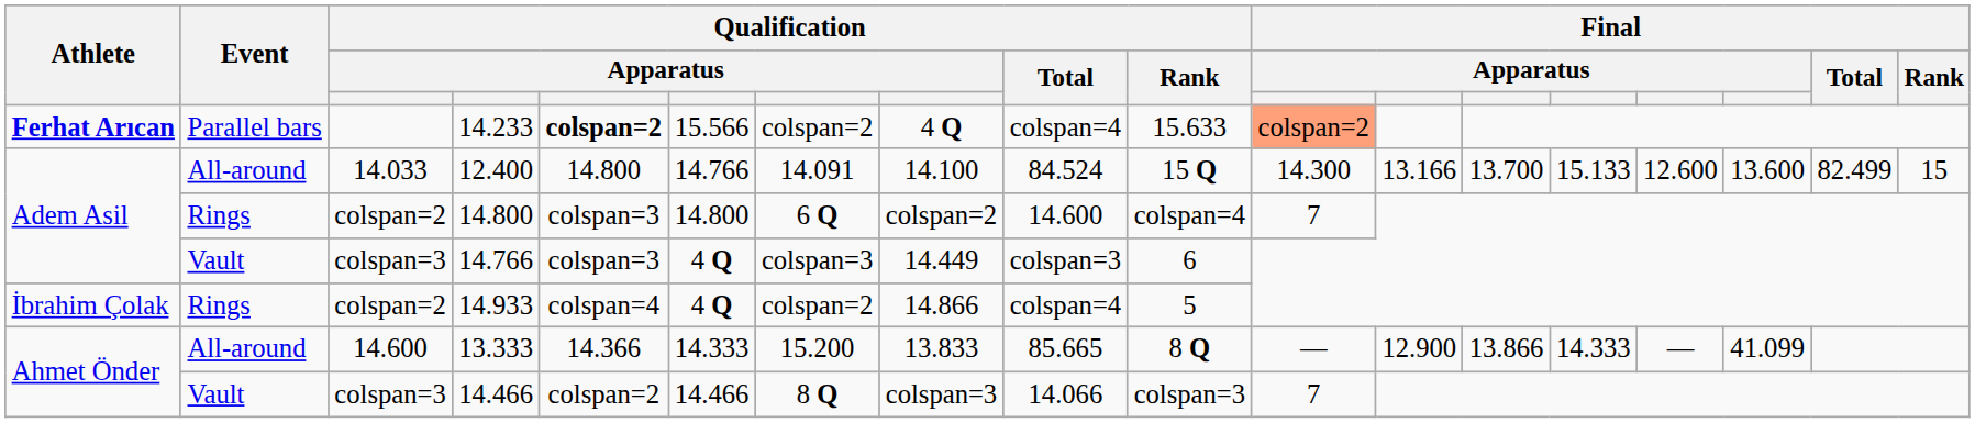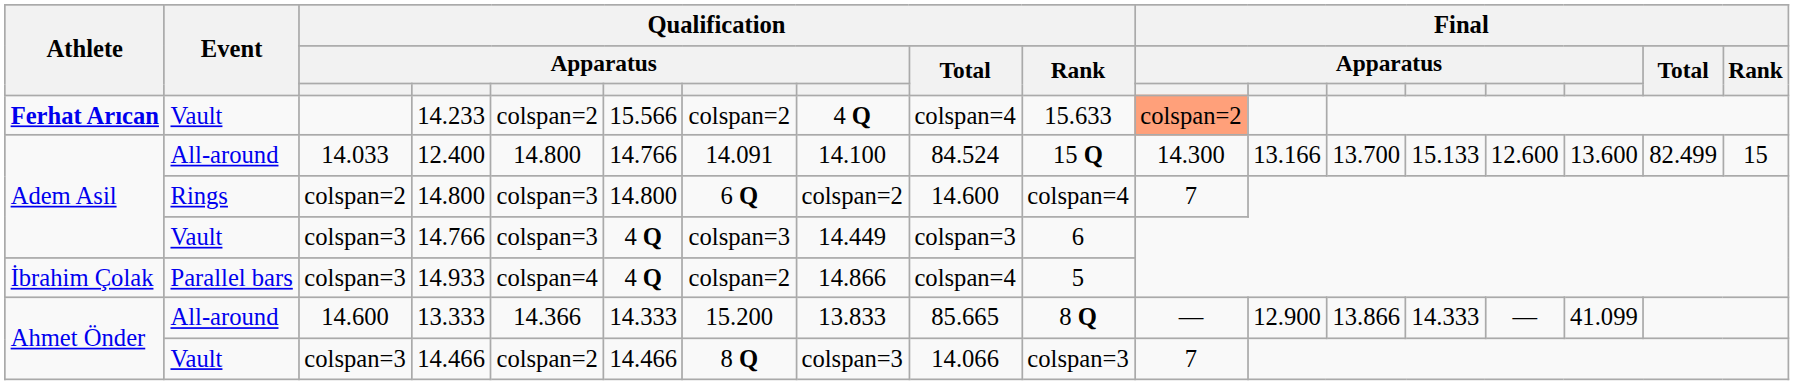 <table class="wikitable" style="font-size:90%">
 <tr>
 <th rowspan=3>Athlete</th>
 <th rowspan=3>Event</th>
 <th colspan =8>Qualification</th>
 <th colspan =8>Final</th>
 </tr>
 <tr style="font-size:95%">
 <th colspan=6>Apparatus</th>
 <th rowspan=2>Total</th>
 <th rowspan=2>Rank</th>
 <th colspan=6>Apparatus</th>
 <th rowspan=2>Total</th>
 <th rowspan=2>Rank</th>
 </tr>
 <tr style="font-size:95%">
 <th></th>
 <th></th>
 <th></th>
 <th></th>
 <th></th>
 <th></th>
 <th></th>
 <th></th>
 <th></th>
 <th></th>
 <th></th>
 <th></th>
 </tr>
 <tr align=center>
 <td align=left><strong><a href='#'>Ferhat Arıcan</a></strong></td>
-<td align=left><a href='#'>Parallel bars</a></td>
+<td align=left><a href='#'>Vault</a></td>
 <td></td>
 <td>14.233</td>
-<td><strong>colspan=2 </strong></td>
+<td>colspan=2 </td>
 <td>15.566</td>
 <td>colspan=2 </td>
 <td>4 <strong>Q</strong></td>
 <td>colspan=4 </td>
 <td>15.633</td>
 <td style="background: lightsalmon;">colspan=2 </td>
 <td></td>
 </tr>
 <tr align=center>
 <td align=left rowspan=3><a href='#'>Adem Asil</a></td>
 <td align=left><a href='#'>All-around</a></td>
 <td>14.033</td>
 <td>12.400</td>
 <td>14.800</td>
 <td>14.766</td>
 <td>14.091</td>
 <td>14.100</td>
 <td>84.524</td>
 <td>15 <strong>Q</strong></td>
 <td>14.300</td>
 <td>13.166</td>
 <td>13.700</td>
 <td>15.133</td>
 <td>12.600</td>
 <td>13.600</td>
 <td>82.499</td>
 <td>15</td>
 </tr>
 <tr align=center>
 <td align=left><a href='#'>Rings</a></td>
 <td>colspan=2 </td>
 <td>14.800</td>
 <td>colspan=3 </td>
 <td>14.800</td>
 <td>6 <strong>Q</strong></td>
 <td>colspan=2 </td>
 <td>14.600</td>
 <td>colspan=4 </td>
 <td>7</td>
 </tr>
 <tr align=center>
 <td align=left><a href='#'>Vault</a></td>
 <td>colspan=3 </td>
 <td>14.766</td>
 <td>colspan=3 </td>
 <td>4 <strong>Q</strong></td>
 <td>colspan=3 </td>
 <td>14.449</td>
 <td>colspan=3 </td>
 <td>6</td>
 </tr>
 <tr align=center>
 <td align=left><a href='#'>İbrahim Çolak</a></td>
-<td align=left><a href='#'>Rings</a></td>
-<td>colspan=2 </td>
+<td align=left><a href='#'>Parallel bars</a></td>
+<td>colspan=3 </td>
 <td>14.933</td>
 <td>colspan=4 </td>
 <td>4 <strong>Q</strong></td>
 <td>colspan=2 </td>
 <td>14.866</td>
 <td>colspan=4 </td>
 <td>5</td>
 </tr>
 <tr align=center>
 <td align=left rowspan=2><a href='#'>Ahmet Önder</a></td>
 <td align=left><a href='#'>All-around</a></td>
 <td>14.600</td>
 <td>13.333</td>
 <td>14.366</td>
 <td>14.333</td>
 <td>15.200</td>
 <td>13.833</td>
 <td>85.665</td>
 <td>8 <strong>Q</strong></td>
 <td>—</td>
 <td>12.900</td>
 <td>13.866</td>
 <td>14.333</td>
 <td>—</td>
 <td>41.099</td>
 <td colspan=2></td>
 </tr>
 <tr align=center>
 <td align=left><a href='#'>Vault</a></td>
 <td>colspan=3 </td>
 <td>14.466</td>
 <td>colspan=2 </td>
 <td>14.466</td>
 <td>8 <strong>Q</strong></td>
 <td>colspan=3 </td>
 <td>14.066</td>
 <td>colspan=3 </td>
 <td>7</td>
 </tr>
 </table>
